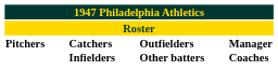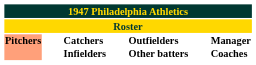 <table class="toccolours" style="font-size: 95%;">
 <tr>
 <th colspan="10" style="background-color: #003831; color: #FFD800; text-align: center;">1947 Philadelphia Athletics</th>
 </tr>
 <tr>
 <td colspan="10" style="background-color: #FFD800; color: #003831; text-align: center;"><strong>Roster</strong></td>
 </tr>
 <tr>
-<td valign="top"><strong>Pitchers</strong><br>         </td>
+<td valign="top" style="background: lightsalmon;"><strong>Pitchers</strong><br>         </td>
 <td width="25px"></td>
 <td valign="top"><strong>Catchers</strong><br>   <strong>Infielders</strong>          </td>
 <td width="25px"></td>
 <td valign="top"><strong>Outfielders</strong><br>      <strong>Other batters</strong>  </td>
 <td width="25px"></td>
 <td valign="top"><strong>Manager</strong><br> <strong>Coaches</strong>     </td>
 </tr>
 </table>
